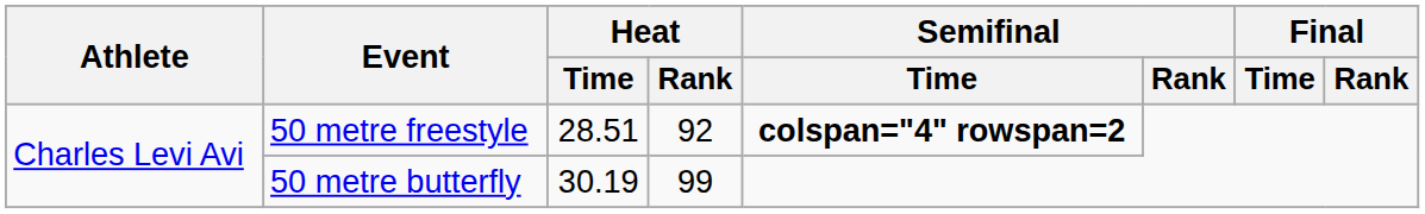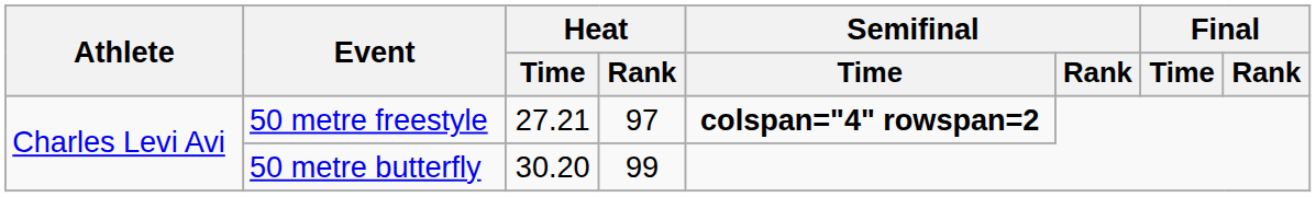 <table class="wikitable" style="text-align:center; font-size:90%; width:50%;">
 <tr>
 <th rowspan="2">Athlete</th>
 <th rowspan="2">Event</th>
 <th colspan="2">Heat</th>
 <th colspan="2">Semifinal</th>
 <th colspan="2">Final</th>
 </tr>
 <tr style="font-size:95%">
 <th>Time</th>
 <th>Rank</th>
 <th>Time</th>
 <th>Rank</th>
 <th>Time</th>
 <th>Rank</th>
 </tr>
 <tr align=center>
 <td align=left rowspan=2><a href='#'>Charles Levi Avi</a></td>
 <td align=left><a href='#'>50 metre freestyle</a></td>
-<td>28.51</td>
-<td>92</td>
+<td>27.21</td>
+<td>97</td>
 <td><strong>colspan="4" rowspan=2 </strong></td>
 </tr>
 <tr align=center>
 <td align=left><a href='#'>50 metre butterfly</a></td>
-<td>30.19</td>
+<td>30.20</td>
 <td>99</td>
 </tr>
 </table>
